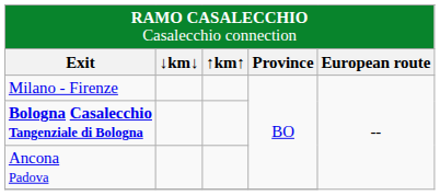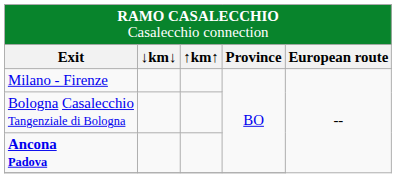 <table class="wikitable">
 <tr>
 </tr>
 <tr align="center" style="color: white;font-size:100%;" bgcolor="#08842c">
 <td colspan="6"> <strong>RAMO CASALECCHIO</strong><br>Casalecchio connection</td>
 </tr>
 <tr>
 <th><strong>Exit</strong></th>
 <th align="center"><strong>↓km↓</strong></th>
 <th align="center"><strong>↑km↑</strong></th>
 <th align="center"><strong>Province</strong></th>
 <th align="center"><strong>European route</strong></th>
 </tr>
 <tr>
 <td>   <a href='#'>Milano - Firenze</a></td>
 <td align="right"></td>
 <td align="right"></td>
 <td rowspan=3 align="center"><a href='#'>BO</a></td>
 <td rowspan="5" align="center">--</td>
 </tr>
 <tr>
-<td><strong> <a href='#'>Bologna</a> <a href='#'>Casalecchio</a><br><small> <a href='#'>Tangenziale di Bologna</a></small></strong></td>
+<td> <a href='#'>Bologna</a> <a href='#'>Casalecchio</a><br><small> <a href='#'>Tangenziale di Bologna</a></small></td>
 <td align="right"></td>
 <td align="right"></td>
 </tr>
 <tr>
-<td>   <a href='#'>Ancona</a><br> <small><a href='#'>Padova</a></small></td>
+<td><strong>   <a href='#'>Ancona</a><br> <small><a href='#'>Padova</a></small></strong></td>
 <td align="right"></td>
 <td align="right"></td>
 </tr>
 <tr>
 </tr>
 </table>
